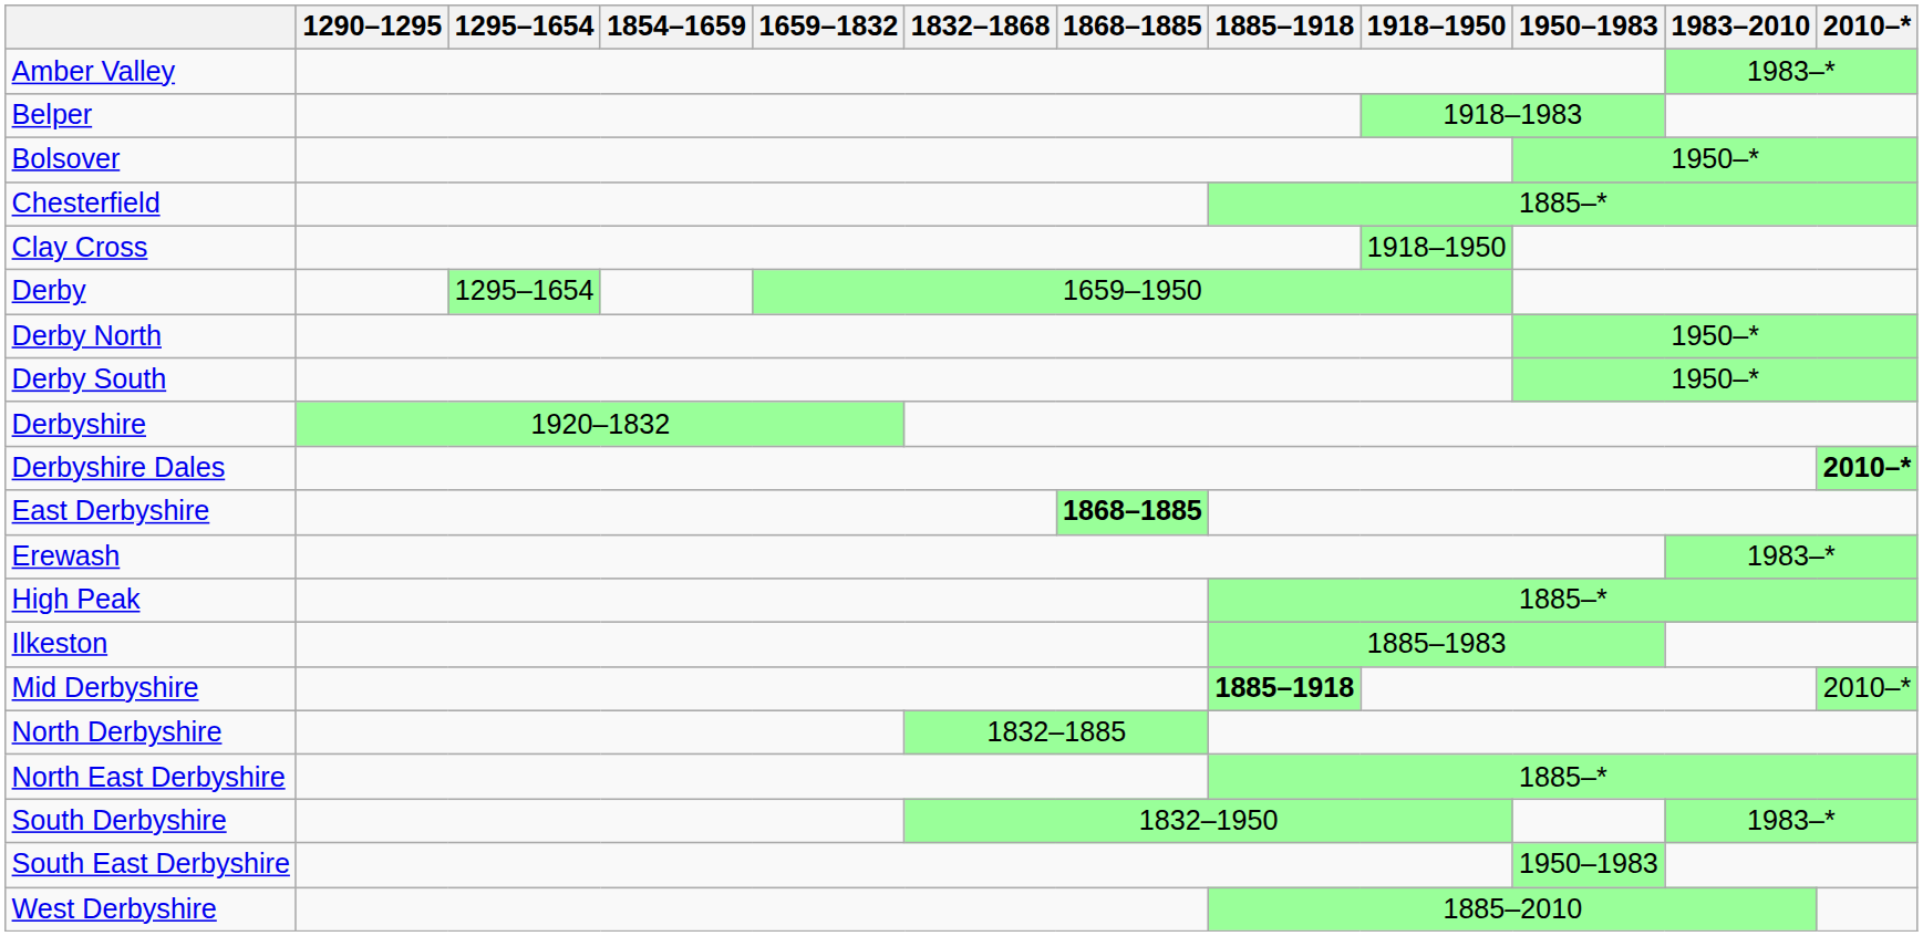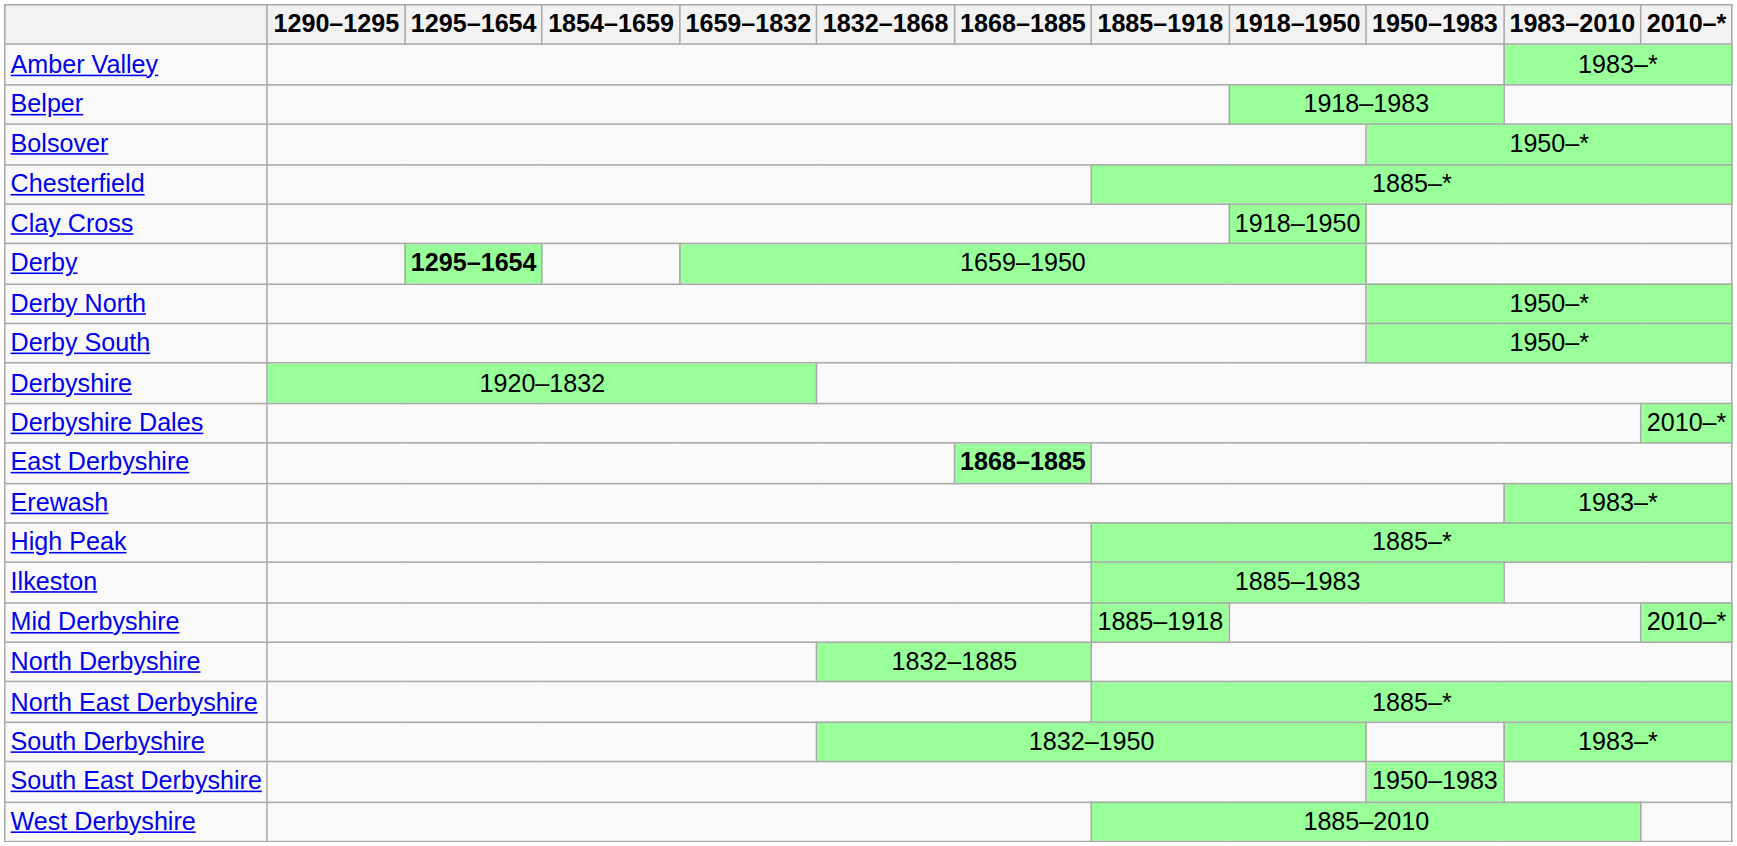 <table class="wikitable">
 <tr>
 <th> </th>
 <th>1290–1295</th>
 <th>1295–1654</th>
 <th>1854–1659</th>
 <th>1659–1832</th>
 <th>1832–1868</th>
 <th>1868–1885</th>
 <th>1885–1918</th>
 <th>1918–1950</th>
 <th>1950–1983</th>
 <th>1983–2010</th>
 <th>2010–*</th>
 </tr>
 <tr>
 <td><a href='#'>Amber Valley</a></td>
 <td colspan="9"> </td>
 <td colspan="2"  style="text-align:center; background:#9f9;">1983–*</td>
 </tr>
 <tr>
 <td><a href='#'>Belper</a></td>
 <td colspan="7"> </td>
 <td colspan="2"  style="text-align:center; background:#9f9;">1918–1983</td>
 <td colspan="2"> </td>
 </tr>
 <tr>
 <td><a href='#'>Bolsover</a></td>
 <td colspan="8"> </td>
 <td colspan="3"  style="text-align:center; background:#9f9;">1950–*</td>
 </tr>
 <tr>
 <td><a href='#'>Chesterfield</a></td>
 <td colspan="6"> </td>
 <td colspan="5"  style="text-align:center; background:#9f9;">1885–*</td>
 </tr>
 <tr>
 <td><a href='#'>Clay Cross</a></td>
 <td colspan="7"> </td>
 <td style="text-align:center; background:#9f9;">1918–1950</td>
 <td colspan="3"> </td>
 </tr>
 <tr>
 <td><a href='#'>Derby</a></td>
 <td> </td>
-<td style="text-align:center; background:#9f9;">1295–1654</td>
+<td style="text-align:center; background:#9f9;"><strong>1295–1654</strong></td>
 <td> </td>
 <td colspan="5"  style="text-align:center; background:#9f9;">1659–1950</td>
 <td colspan="3"> </td>
 </tr>
 <tr>
 <td><a href='#'>Derby North</a></td>
 <td colspan="8"> </td>
 <td colspan="3"  style="text-align:center; background:#9f9;">1950–*</td>
 </tr>
 <tr>
 <td><a href='#'>Derby South</a></td>
 <td colspan="8"> </td>
 <td colspan="3"  style="text-align:center; background:#9f9;">1950–*</td>
 </tr>
 <tr>
 <td><a href='#'>Derbyshire</a></td>
 <td colspan="4"  style="text-align:center; background:#9f9;">1920–1832</td>
 <td colspan="7"> </td>
 </tr>
 <tr>
 <td><a href='#'>Derbyshire Dales</a></td>
 <td colspan="10"> </td>
-<td style="text-align:center; background:#9f9;"><strong>2010–*</strong></td>
+<td style="text-align:center; background:#9f9;">2010–*</td>
 </tr>
 <tr>
 <td><a href='#'>East Derbyshire</a></td>
 <td colspan="5"> </td>
 <td style="text-align:center; background:#9f9;"><strong>1868–1885</strong></td>
 <td colspan="5"> </td>
 </tr>
 <tr>
 <td><a href='#'>Erewash</a></td>
 <td colspan="9"> </td>
 <td colspan="2"  style="text-align:center; background:#9f9;">1983–*</td>
 </tr>
 <tr>
 <td><a href='#'>High Peak</a></td>
 <td colspan="6"> </td>
 <td colspan="5"  style="text-align:center; background:#9f9;">1885–*</td>
 </tr>
 <tr>
 <td><a href='#'>Ilkeston</a></td>
 <td colspan="6"> </td>
 <td colspan="3"  style="text-align:center; background:#9f9;">1885–1983</td>
 <td colspan="2"> </td>
 </tr>
 <tr>
 <td><a href='#'>Mid Derbyshire</a></td>
 <td colspan="6"> </td>
-<td style="text-align:center; background:#9f9;"><strong>1885–1918</strong></td>
+<td style="text-align:center; background:#9f9;">1885–1918</td>
 <td colspan="3"> </td>
 <td style="text-align:center; background:#9f9;">2010–*</td>
 </tr>
 <tr>
 <td><a href='#'>North Derbyshire</a></td>
 <td colspan="4"> </td>
 <td colspan="2"  style="text-align:center; background:#9f9;">1832–1885</td>
 <td colspan="5"> </td>
 </tr>
 <tr>
 <td><a href='#'>North East Derbyshire</a></td>
 <td colspan="6"> </td>
 <td colspan="5"  style="text-align:center; background:#9f9;">1885–*</td>
 </tr>
 <tr>
 <td><a href='#'>South Derbyshire</a></td>
 <td colspan="4"> </td>
 <td colspan="4"  style="text-align:center; background:#9f9;">1832–1950</td>
 <td> </td>
 <td colspan="2"  style="text-align:center; background:#9f9;">1983–*</td>
 </tr>
 <tr>
 <td><a href='#'>South East Derbyshire</a></td>
 <td colspan="8"> </td>
 <td style="text-align:center; background:#9f9;">1950–1983</td>
 <td colspan="2"> </td>
 </tr>
 <tr>
 <td><a href='#'>West Derbyshire</a></td>
 <td colspan="6"> </td>
 <td colspan="4"  style="text-align:center; background:#9f9;">1885–2010</td>
 <td> </td>
 </tr>
 </table>
